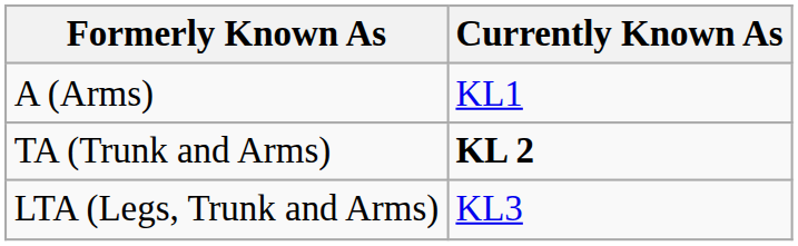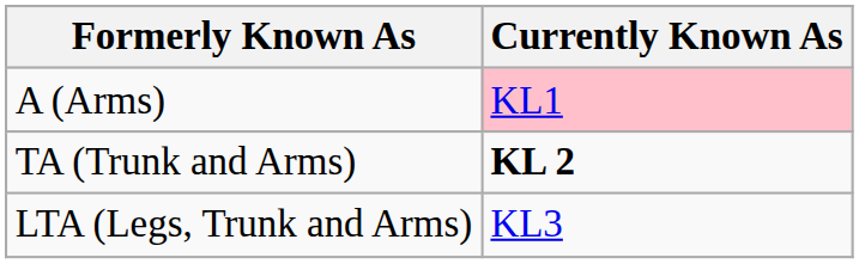 <table class="wikitable">
 <tr>
 <th>Formerly Known As</th>
 <th>Currently Known As</th>
 </tr>
 <tr>
 <td>A (Arms)</td>
-<td><a href='#'>KL1</a></td>
+<td style="background: pink;"><a href='#'>KL1</a></td>
 </tr>
 <tr>
 <td>TA (Trunk and Arms)</td>
 <td><strong>KL 2</strong></td>
 </tr>
 <tr>
 <td>LTA (Legs, Trunk and Arms)</td>
 <td><a href='#'>KL3</a></td>
 </tr>
 </table>
